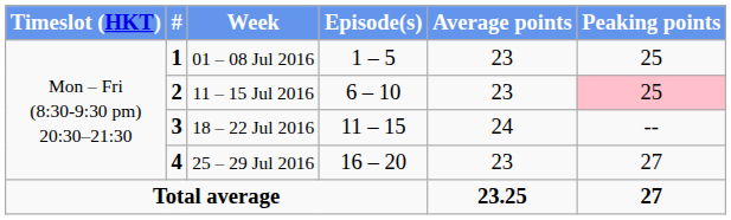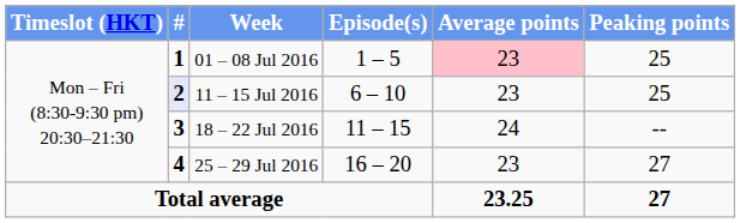 <table class="wikitable" style="text-align:center;">
 <tr>
 <th style="background:cornflowerblue; color:white;">Timeslot (<a href='#'>HKT</a>)</th>
 <th style="background:cornflowerblue; color:white;">#</th>
 <th style="background:cornflowerblue; color:white;">Week</th>
 <th style="background:cornflowerblue; color:white;">Episode(s)</th>
 <th style="background:cornflowerblue; color:white;">Average points</th>
 <th style="background:cornflowerblue; color:white;">Peaking points</th>
 </tr>
 <tr>
 <td rowspan="4"><small>Mon – Fri<br>(8:30-9:30 pm)<br>20:30–21:30</small></td>
 <td><strong>1</strong></td>
 <td><small>01 – 08 Jul 2016</small></td>
 <td>1 – 5</td>
-<td>23</td>
+<td style="background: pink;">23</td>
 <td>25</td>
 </tr>
 <tr>
-<td><strong>2</strong></td>
+<td style="background: lavender;"><strong>2</strong></td>
 <td><small>11 – 15 Jul 2016</small></td>
 <td>6 – 10</td>
 <td>23</td>
-<td style="background: pink;">25</td>
+<td>25</td>
 </tr>
 <tr>
 <td><strong>3</strong></td>
 <td><small>18 – 22 Jul 2016</small></td>
 <td>11 – 15</td>
 <td>24</td>
 <td>--</td>
 </tr>
 <tr>
 <td><strong>4</strong></td>
 <td><small>25 – 29 Jul 2016</small></td>
 <td>16 – 20</td>
 <td>23</td>
 <td>27</td>
 </tr>
 <tr>
 <td colspan="4"><strong>Total average</strong></td>
 <td><strong>23.25</strong></td>
 <td><strong>27</strong></td>
 </tr>
 </table>
